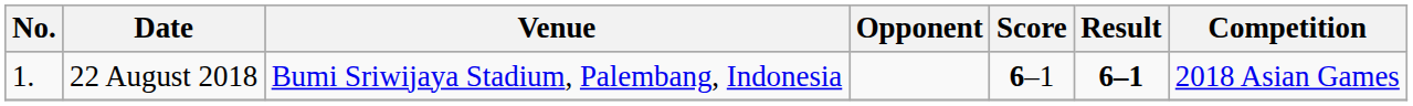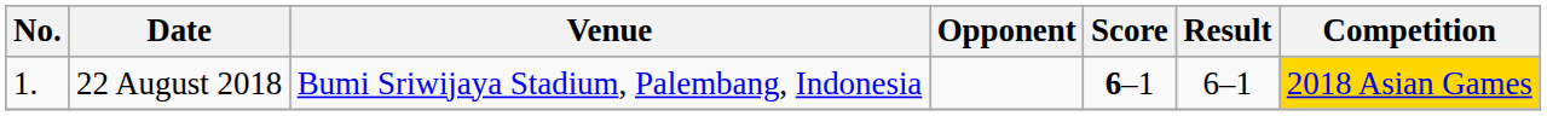 <table class="wikitable">
 <tr>
 <th>No.</th>
 <th>Date</th>
 <th>Venue</th>
 <th>Opponent</th>
 <th>Score</th>
 <th>Result</th>
 <th>Competition</th>
 </tr>
 <tr>
 <td>1.</td>
 <td>22 August 2018</td>
 <td><a href='#'>Bumi Sriwijaya Stadium</a>, <a href='#'>Palembang</a>, <a href='#'>Indonesia</a></td>
 <td></td>
 <td align=center><strong>6</strong>–1</td>
-<td align=center><strong>6–1</strong></td>
-<td><a href='#'>2018 Asian Games</a></td>
+<td align=center>6–1</td>
+<td style="background: gold;"><a href='#'>2018 Asian Games</a></td>
 </tr>
 <tr>
 </tr>
 </table>
